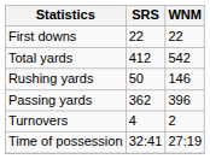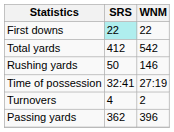 <table class="wikitable" style="float: left;">
 <tr>
 <th>Statistics</th>
 <th>SRS</th>
 <th>WNM</th>
 </tr>
 <tr>
 <td>First downs</td>
-<td>22</td>
+<td style="background: paleturquoise;">22</td>
 <td>22</td>
 </tr>
 <tr>
 <td>Total yards</td>
 <td>412</td>
 <td>542</td>
 </tr>
 <tr>
 <td>Rushing yards</td>
 <td>50</td>
 <td>146</td>
 </tr>
 <tr>
-<td>Passing yards</td>
-<td>362</td>
-<td>396</td>
+<td>Time of possession</td>
+<td>32:41</td>
+<td>27:19</td>
 </tr>
 <tr>
 <td>Turnovers</td>
 <td>4</td>
 <td>2</td>
 </tr>
 <tr>
-<td>Time of possession</td>
-<td>32:41</td>
-<td>27:19</td>
+<td>Passing yards</td>
+<td>362</td>
+<td>396</td>
 </tr>
 <tr>
 </tr>
 </table>
